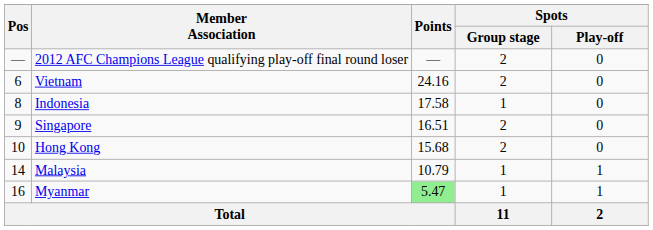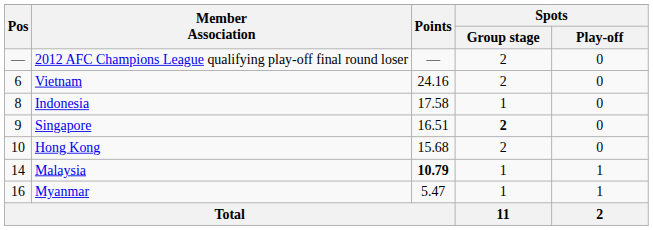 <table class="wikitable" style="text-align: center;">
 <tr>
 </tr>
 <tr>
 <th rowspan="2">Pos</th>
 <th rowspan="2">Member<br>Association</th>
 <th rowspan="2">Points</th>
 <th colspan="2">Spots</th>
 </tr>
 <tr>
 <th width=15%>Group stage</th>
 <th width=15%>Play-off</th>
 </tr>
 <tr>
 <td>—</td>
 <td align=left><a href='#'>2012 AFC Champions League</a> qualifying play-off final round loser</td>
 <td>—</td>
 <td>2</td>
 <td>0</td>
 </tr>
 <tr>
 <td>6</td>
 <td align=left> <a href='#'>Vietnam</a></td>
 <td>24.16</td>
 <td>2</td>
 <td>0</td>
 </tr>
 <tr>
 <td>8</td>
 <td align=left> <a href='#'>Indonesia</a></td>
 <td>17.58</td>
 <td>1</td>
 <td>0</td>
 </tr>
 <tr>
 <td>9</td>
 <td align=left> <a href='#'>Singapore</a></td>
 <td>16.51</td>
-<td>2</td>
+<td><strong>2</strong></td>
 <td>0</td>
 </tr>
 <tr>
 <td>10</td>
 <td align=left> <a href='#'>Hong Kong</a></td>
 <td>15.68</td>
 <td>2</td>
 <td>0</td>
 </tr>
 <tr>
 <td>14</td>
 <td align=left> <a href='#'>Malaysia</a></td>
-<td>10.79</td>
+<td><strong>10.79</strong></td>
 <td>1</td>
 <td>1</td>
 </tr>
 <tr>
 <td>16</td>
 <td align=left> <a href='#'>Myanmar</a></td>
-<td style="background: lightgreen;">5.47</td>
+<td>5.47</td>
 <td>1</td>
 <td>1</td>
 </tr>
 <tr>
 <th colspan="3">Total</th>
 <th>11</th>
 <th>2</th>
 </tr>
 </table>
